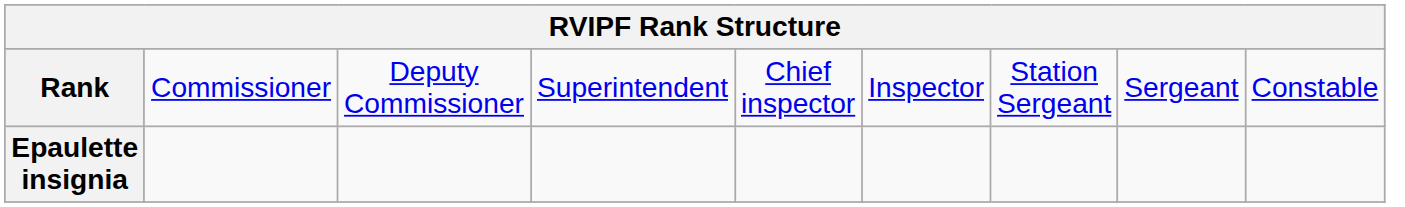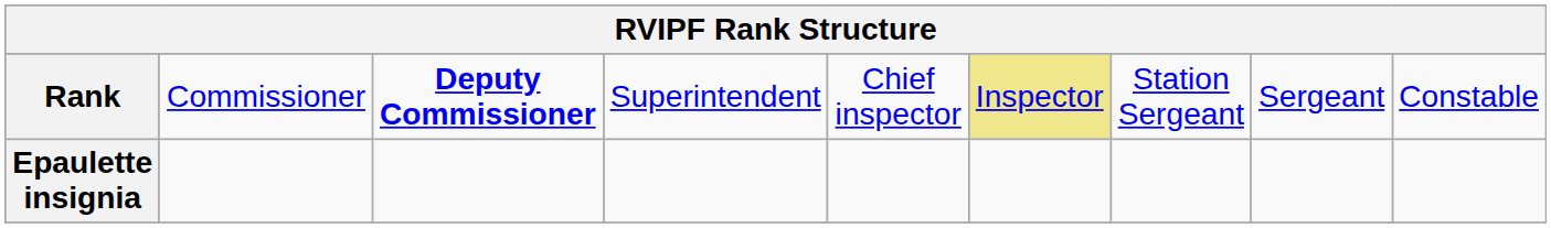 <table class="wikitable" style="text-align: center;">
 <tr>
 <th colspan=10>RVIPF Rank Structure</th>
 </tr>
 <tr>
 <th Width=5%>Rank</th>
 <td Width=12%><a href='#'>Commissioner</a></td>
-<td Width=12%><a href='#'>Deputy Commissioner</a></td>
+<td Width=12%><strong><a href='#'>Deputy Commissioner</a></strong></td>
 <td Width=10%><a href='#'>Superintendent</a></td>
 <td Width=10%><a href='#'>Chief inspector</a></td>
-<td Width=9%><a href='#'>Inspector</a></td>
+<td Width=9% style="background: khaki;"><a href='#'>Inspector</a></td>
 <td Width=9%><a href='#'>Station Sergeant</a></td>
 <td Width=9%><a href='#'>Sergeant</a></td>
 <td Width=9%><a href='#'>Constable</a></td>
 </tr>
 <tr>
 <th>Epaulette insignia</th>
 <td></td>
 <td></td>
 <td></td>
 <td></td>
 <td></td>
 <td></td>
 <td></td>
 <td></td>
 </tr>
 </table>
